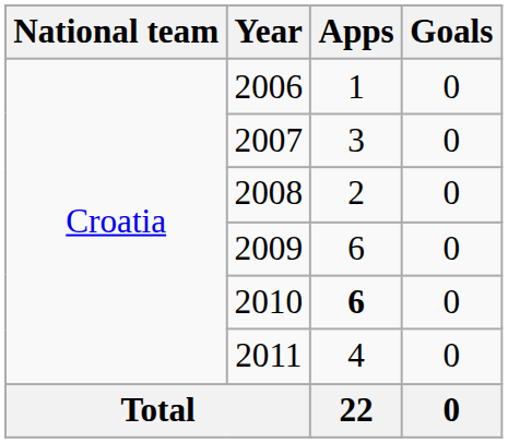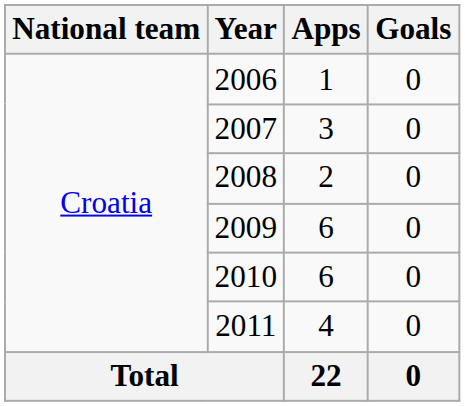 <table class="wikitable" style="text-align:center">
 <tr>
 <th>National team</th>
 <th>Year</th>
 <th>Apps</th>
 <th>Goals</th>
 </tr>
 <tr>
 <td rowspan="6"><a href='#'>Croatia</a></td>
 <td>2006</td>
 <td>1</td>
 <td>0</td>
 </tr>
 <tr>
 <td>2007</td>
 <td>3</td>
 <td>0</td>
 </tr>
 <tr>
 <td>2008</td>
 <td>2</td>
 <td>0</td>
 </tr>
 <tr>
 <td>2009</td>
 <td>6</td>
 <td>0</td>
 </tr>
 <tr>
 <td>2010</td>
-<td><strong>6</strong></td>
+<td>6</td>
 <td>0</td>
 </tr>
 <tr>
 <td>2011</td>
 <td>4</td>
 <td>0</td>
 </tr>
 <tr>
 <th colspan="2">Total</th>
 <th>22</th>
 <th>0</th>
 </tr>
 </table>
